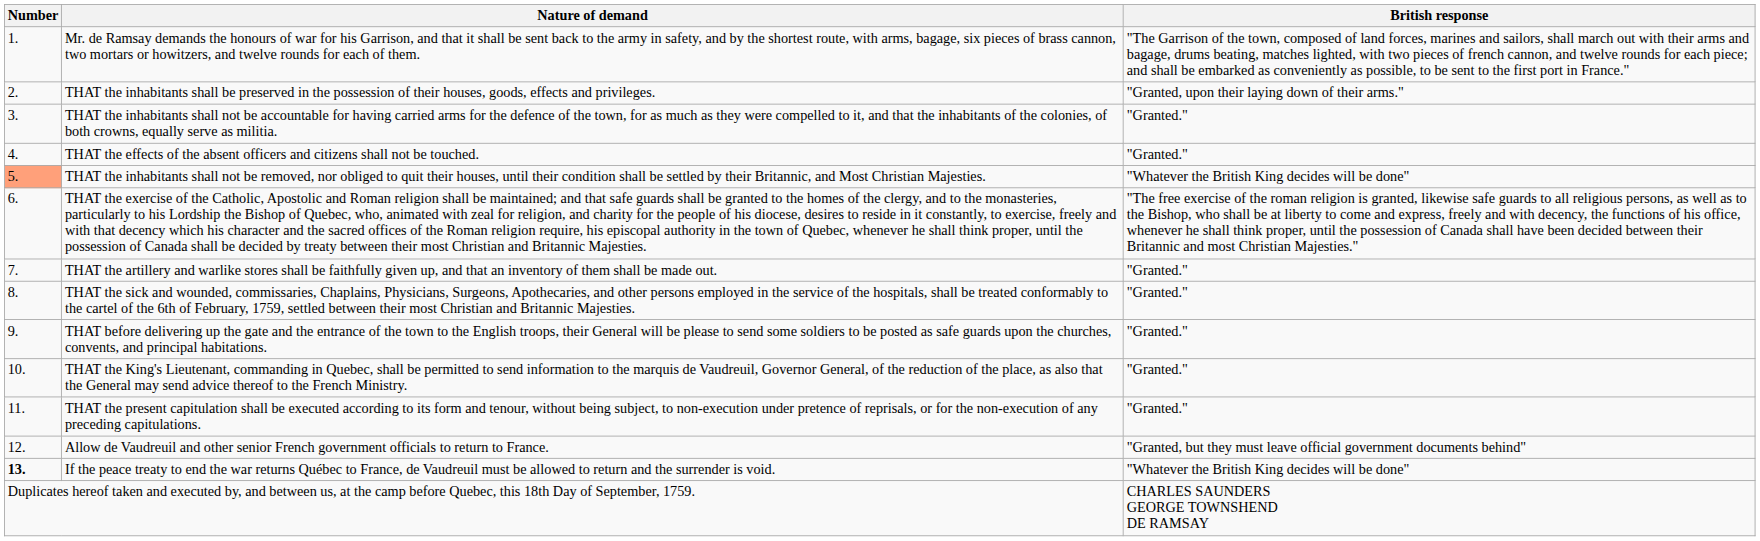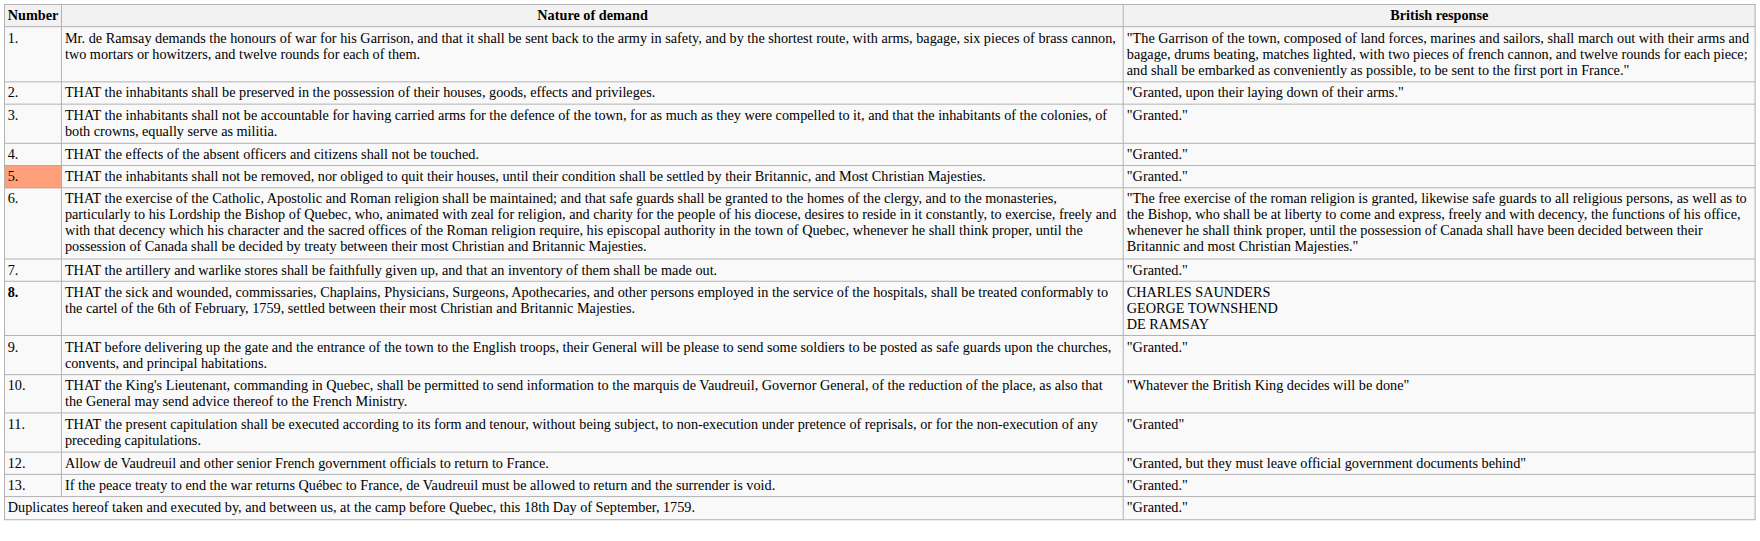 <table class="wikitable">
 <tr>
 <th>Number</th>
 <th>Nature of demand</th>
 <th>British response</th>
 </tr>
 <tr valign="top">
 <td>1.</td>
 <td>Mr. de Ramsay demands the honours of war for his Garrison, and that it shall be sent back to the army in safety, and by the shortest route, with arms, bagage, six pieces of brass cannon, two mortars or howitzers, and twelve rounds for each of them.</td>
 <td>"The Garrison of the town, composed of land forces, marines and sailors, shall march out with their arms and bagage, drums beating, matches lighted, with two pieces of french cannon, and twelve rounds for each piece; and shall be embarked as conveniently as possible, to be sent to the first port in France."</td>
 </tr>
 <tr valign="top">
 <td>2.</td>
 <td>THAT the inhabitants shall be preserved in the possession of their houses, goods, effects and privileges.</td>
 <td>"Granted, upon their laying down of their arms."</td>
 </tr>
 <tr valign="top">
 <td>3.</td>
 <td>THAT the inhabitants shall not be accountable for having carried arms for the defence of the town, for as much as they were compelled to it, and that the inhabitants of the colonies, of both crowns, equally serve as militia.</td>
 <td>"Granted."</td>
 </tr>
 <tr valign="top">
 <td>4.</td>
 <td>THAT the effects of the absent officers and citizens shall not be touched.</td>
 <td>"Granted."</td>
 </tr>
 <tr valign="top">
 <td style="background: lightsalmon;">5.</td>
 <td>THAT the inhabitants shall not be removed, nor obliged to quit their houses, until their condition shall be settled by their Britannic, and Most Christian Majesties.</td>
-<td>"Whatever the British King decides will be done"</td>
+<td>"Granted."</td>
 </tr>
 <tr valign="top">
 <td>6.</td>
 <td>THAT the exercise of the Catholic, Apostolic and Roman religion shall be maintained; and that safe guards shall be granted to the homes of the clergy, and to the monasteries, particularly to his Lordship the Bishop of Quebec, who, animated with zeal for religion, and charity for the people of his diocese, desires to reside in it constantly, to exercise, freely and with that decency which his character and the sacred offices of the Roman religion require, his episcopal authority in the town of Quebec, whenever he shall think proper, until the possession of Canada shall be decided by treaty between their most Christian and Britannic Majesties.</td>
 <td>"The free exercise of the roman religion is granted, likewise safe guards to all religious persons, as well as to the Bishop, who shall be at liberty to come and express, freely and with decency, the functions of his office, whenever he shall think proper, until the possession of Canada shall have been decided between their Britannic and most Christian Majesties."</td>
 </tr>
 <tr valign="top">
 <td>7.</td>
 <td>THAT the artillery and warlike stores shall be faithfully given up, and that an inventory of them shall be made out.</td>
 <td>"Granted."</td>
 </tr>
 <tr valign="top">
-<td>8.</td>
+<td><strong>8.</strong></td>
 <td>THAT the sick and wounded, commissaries, Chaplains, Physicians, Surgeons, Apothecaries, and other persons employed in the service of the hospitals, shall be treated conformably to the cartel of the 6th of February, 1759, settled between their most Christian and Britannic Majesties.</td>
-<td>"Granted."</td>
+<td>CHARLES SAUNDERS<br>GEORGE TOWNSHEND<br>DE RAMSAY</td>
 </tr>
 <tr valign="top">
 <td>9.</td>
 <td>THAT before delivering up the gate and the entrance of the town to the English troops, their General will be please to send some soldiers to be posted as safe guards upon the churches, convents, and principal habitations.</td>
 <td>"Granted."</td>
 </tr>
 <tr valign="top">
 <td>10.</td>
 <td>THAT the King's Lieutenant, commanding in Quebec, shall be permitted to send information to the marquis de Vaudreuil, Governor General, of the reduction of the place, as also that the General may send advice thereof to the French Ministry.</td>
-<td>"Granted."</td>
+<td>"Whatever the British King decides will be done"</td>
 </tr>
 <tr valign="top">
 <td>11.</td>
 <td>THAT the present capitulation shall be executed according to its form and tenour, without being subject, to non-execution under pretence of reprisals, or for the non-execution of any preceding capitulations.</td>
-<td>"Granted."</td>
+<td>"Granted"</td>
 </tr>
 <tr valign="top">
 <td>12.</td>
 <td>Allow de Vaudreuil and other senior French government officials to return to France.</td>
 <td>"Granted, but they must leave official government documents behind"</td>
 </tr>
 <tr valign="top">
-<td><strong>13.</strong></td>
+<td>13.</td>
 <td>If the peace treaty to end the war returns Québec to France, de Vaudreuil must be allowed to return and the surrender is void.</td>
-<td>"Whatever the British King decides will be done"</td>
+<td>"Granted."</td>
 </tr>
 <tr valign="top">
 <td colspan="2">Duplicates hereof taken and executed by, and between us, at the camp before Quebec, this 18th Day of September, 1759.</td>
-<td>CHARLES SAUNDERS<br>GEORGE TOWNSHEND<br>DE RAMSAY</td>
+<td>"Granted."</td>
 </tr>
 </table>
